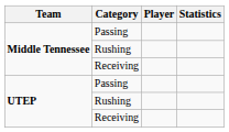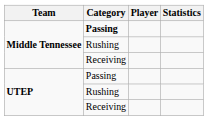 <table class="wikitable" style="float: left;">
 <tr>
 <th>Team</th>
 <th>Category</th>
 <th>Player</th>
 <th>Statistics</th>
 </tr>
 <tr>
 <td rowspan=3><strong>Middle Tennessee</strong></td>
-<td>Passing</td>
+<td><strong>Passing</strong></td>
 <td></td>
 <td></td>
 </tr>
 <tr>
 <td>Rushing</td>
 <td></td>
 <td></td>
 </tr>
 <tr>
 <td>Receiving</td>
 <td></td>
 <td></td>
 </tr>
 <tr>
 <td rowspan=3><strong>UTEP</strong></td>
 <td>Passing</td>
 <td></td>
 <td></td>
 </tr>
 <tr>
 <td>Rushing</td>
 <td></td>
 <td></td>
 </tr>
 <tr>
 <td>Receiving</td>
 <td></td>
 <td></td>
 </tr>
 </table>
